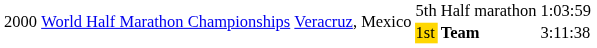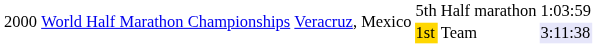 <table>
 <tr>
 <td rowspan=2>2000</td>
 <td rowspan=2><a href='#'>World Half Marathon Championships</a></td>
 <td rowspan=2><a href='#'>Veracruz</a>, Mexico</td>
 <td>5th</td>
 <td>Half marathon</td>
 <td>1:03:59</td>
 </tr>
 <tr>
 <td bgcolor=gold>1st</td>
-<td><strong>Team</strong></td>
-<td>3:11:38</td>
+<td>Team</td>
+<td style="background: lavender;">3:11:38</td>
 </tr>
 </table>
